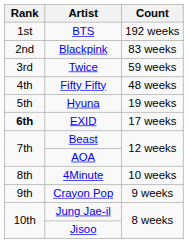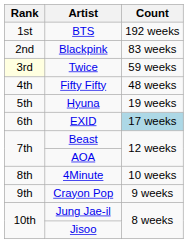 <table class="wikitable" style="text-align: center;">
 <tr>
 <th scope="col" style="width: 50px;">Rank</th>
 <th scope="col" style="width: 100px;">Artist</th>
 <th scope="col" style="width: 80px;">Count</th>
 </tr>
 <tr>
 <td>1st</td>
 <td><a href='#'>BTS</a></td>
 <td>192 weeks</td>
 </tr>
 <tr>
 <td>2nd</td>
 <td><a href='#'>Blackpink</a></td>
 <td>83 weeks</td>
 </tr>
 <tr>
-<td>3rd</td>
+<td style="background: lightyellow;">3rd</td>
 <td><a href='#'>Twice</a></td>
 <td>59 weeks</td>
 </tr>
 <tr>
 <td>4th</td>
 <td><a href='#'>Fifty Fifty</a></td>
 <td>48 weeks</td>
 </tr>
 <tr>
 <td>5th</td>
 <td><a href='#'>Hyuna</a></td>
 <td>19 weeks</td>
 </tr>
 <tr>
-<td><strong>6th</strong></td>
+<td>6th</td>
 <td><a href='#'>EXID</a></td>
-<td>17 weeks</td>
+<td style="background: lightblue;">17 weeks</td>
 </tr>
 <tr>
 <td rowspan="2">7th</td>
 <td><a href='#'>Beast</a></td>
 <td rowspan="2">12 weeks</td>
 </tr>
 <tr>
 <td><a href='#'>AOA</a></td>
 </tr>
 <tr>
 <td>8th</td>
 <td><a href='#'>4Minute</a></td>
 <td>10 weeks</td>
 </tr>
 <tr>
 <td>9th</td>
 <td><a href='#'>Crayon Pop</a></td>
 <td>9 weeks</td>
 </tr>
 <tr>
 <td rowspan="2">10th</td>
 <td><a href='#'>Jung Jae-il</a></td>
 <td rowspan="2">8 weeks</td>
 </tr>
 <tr>
 <td><a href='#'>Jisoo</a></td>
 </tr>
 </table>
